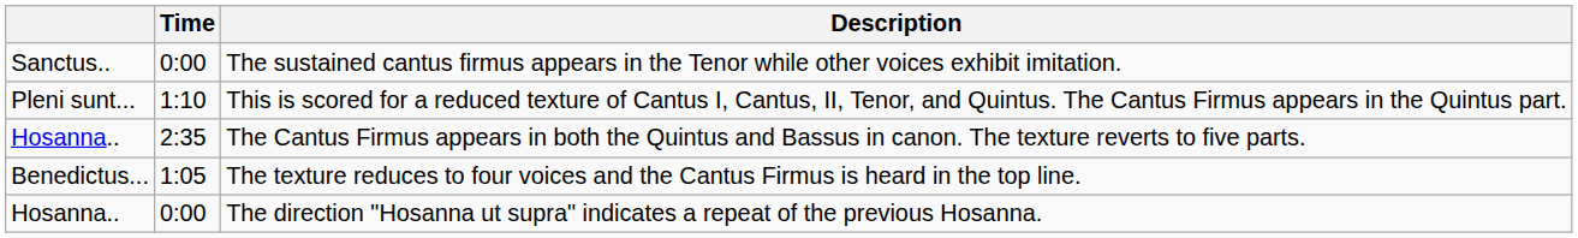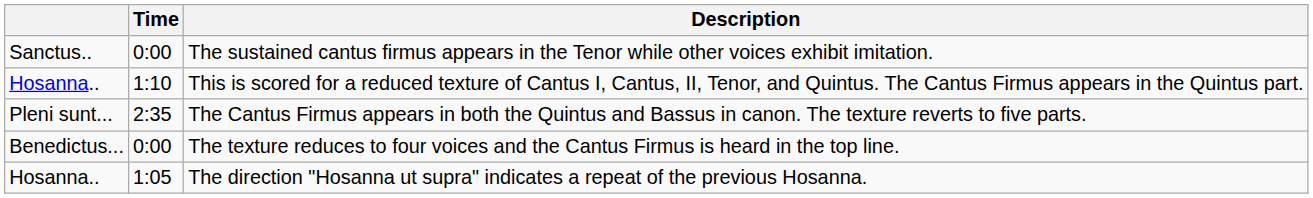 <table class="wikitable">
 <tr>
 <th></th>
 <th>Time</th>
 <th>Description</th>
 </tr>
 <tr>
 <td>Sanctus..</td>
 <td>0:00</td>
 <td>The sustained cantus firmus appears in the Tenor while other voices exhibit imitation.</td>
 </tr>
 <tr>
-<td>Pleni sunt...</td>
+<td><a href='#'>Hosanna</a>..</td>
 <td>1:10</td>
 <td>This is scored for a reduced texture of Cantus I, Cantus, II, Tenor, and Quintus. The Cantus Firmus appears in the Quintus part.</td>
 </tr>
 <tr>
-<td><a href='#'>Hosanna</a>..</td>
+<td>Pleni sunt...</td>
 <td>2:35</td>
 <td>The Cantus Firmus appears in both the Quintus and Bassus in canon. The texture reverts to five parts.</td>
 </tr>
 <tr>
 <td>Benedictus...</td>
-<td>1:05</td>
+<td>0:00</td>
 <td>The texture reduces to four voices and the Cantus Firmus is heard in the top line.</td>
 </tr>
 <tr>
 <td>Hosanna..</td>
-<td>0:00</td>
+<td>1:05</td>
 <td>The direction "Hosanna ut supra" indicates a repeat of the previous Hosanna.</td>
 </tr>
 </table>
